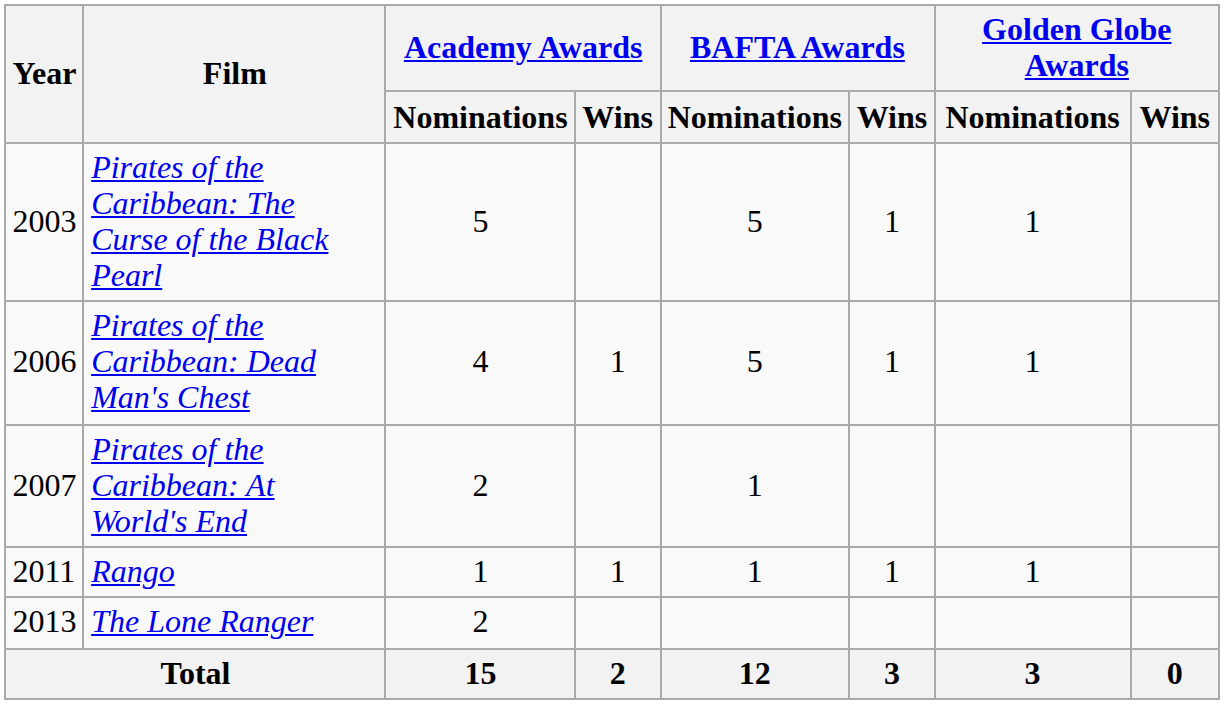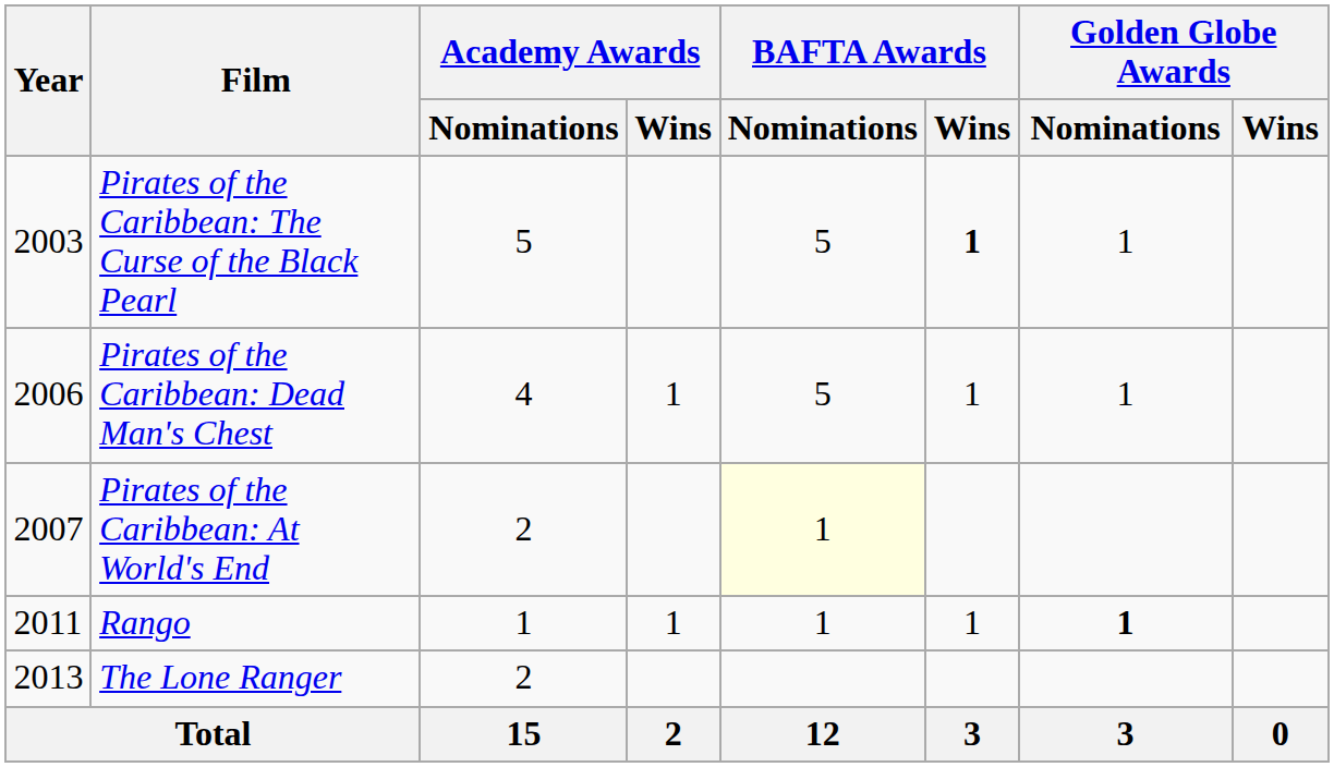 <table class="wikitable">
 <tr>
 <th rowspan="2">Year</th>
 <th rowspan="2">Film</th>
 <th colspan="2" style="text-align:center;"><a href='#'>Academy Awards</a></th>
 <th colspan="2" style="text-align:center;"><a href='#'>BAFTA Awards</a></th>
 <th colspan="2" style="text-align:center;"><a href='#'>Golden Globe Awards</a></th>
 </tr>
 <tr>
 <th>Nominations</th>
 <th>Wins</th>
 <th>Nominations</th>
 <th>Wins</th>
 <th>Nominations</th>
 <th>Wins</th>
 </tr>
 <tr>
 <td>2003</td>
 <td><em><a href='#'>Pirates of the Caribbean: The Curse of the Black Pearl</a></em></td>
 <td align=center>5</td>
 <td></td>
 <td align=center>5</td>
-<td align=center>1</td>
+<td align=center><strong>1</strong></td>
 <td align=center>1</td>
 <td></td>
 </tr>
 <tr>
 <td>2006</td>
 <td><em><a href='#'>Pirates of the Caribbean: Dead Man's Chest</a></em></td>
 <td align=center>4</td>
 <td align=center>1</td>
 <td align=center>5</td>
 <td align=center>1</td>
 <td align=center>1</td>
 <td></td>
 </tr>
 <tr>
 <td>2007</td>
 <td><em><a href='#'>Pirates of the Caribbean: At World's End</a></em></td>
 <td align=center>2</td>
 <td></td>
-<td align=center>1</td>
+<td align=center style="background: lightyellow;">1</td>
 <td></td>
 <td></td>
 <td></td>
 </tr>
 <tr>
 <td>2011</td>
 <td><em><a href='#'>Rango</a></em></td>
 <td align=center>1</td>
 <td align=center>1</td>
 <td align=center>1</td>
 <td align=center>1</td>
-<td align=center>1</td>
+<td align=center><strong>1</strong></td>
 <td></td>
 </tr>
 <tr>
 <td>2013</td>
 <td><em><a href='#'>The Lone Ranger</a></em></td>
 <td align=center>2</td>
 <td></td>
 <td></td>
 <td></td>
 <td></td>
 <td></td>
 </tr>
 <tr>
 <th colspan="2"><strong>Total</strong></th>
 <th align=center>15</th>
 <th align=center>2</th>
 <th align=center>12</th>
 <th align=center>3</th>
 <th align=center>3</th>
 <th align=center>0</th>
 </tr>
 </table>
